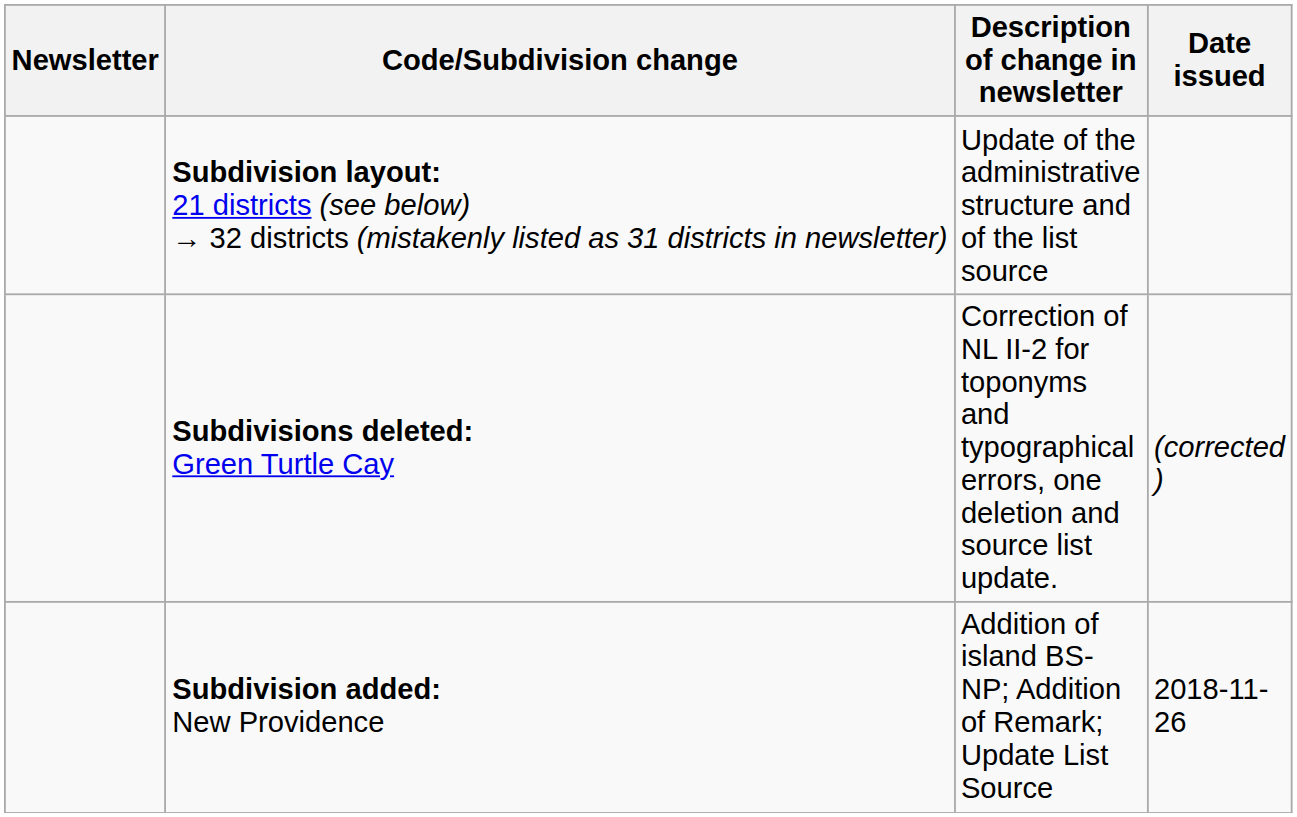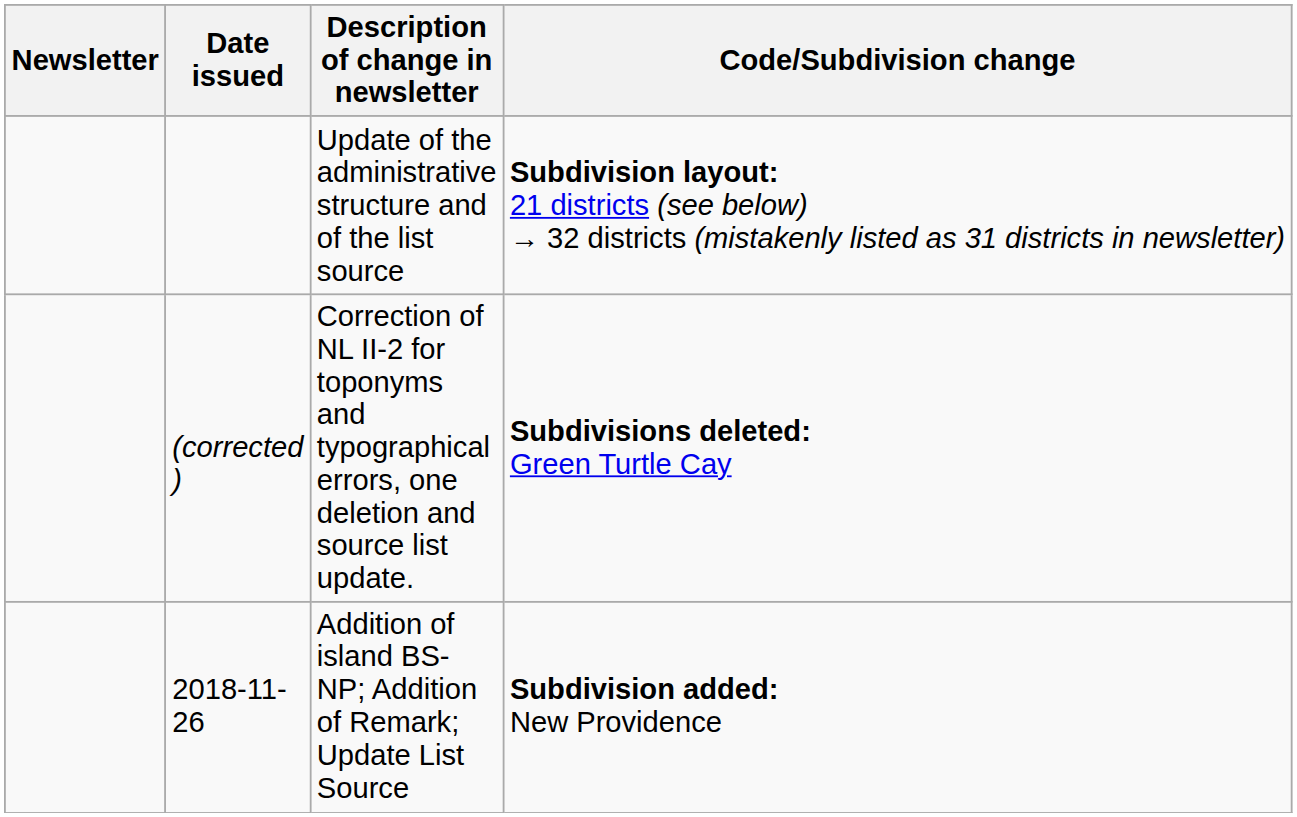 <table class="wikitable">
 <tr>
 <th>Newsletter</th>
+<th>Date issued</th>
+<th>Description of change in newsletter</th>
 <th>Code/Subdivision change</th>
-<th>Description of change in newsletter</th>
-<th>Date issued</th>
 </tr>
 <tr>
 <td id="II-2"></td>
+<td></td>
+<td>Update of the administrative structure and of the list source</td>
 <td style=white-space:nowrap><strong>Subdivision layout:</strong><br> <a href='#'>21 districts</a> <em>(see below)</em><br> → 32 districts <em>(mistakenly listed as 31 districts in newsletter)</em></td>
-<td>Update of the administrative structure and of the list source</td>
-<td></td>
 </tr>
 <tr>
 <td id="II-3"></td>
+<td><br> <em>(corrected<br> )</em></td>
+<td>Correction of NL II-2 for toponyms and typographical errors, one deletion and source list update.</td>
 <td style=white-space:nowrap><strong>Subdivisions deleted:</strong><br>  <a href='#'>Green Turtle Cay</a></td>
-<td>Correction of NL II-2 for toponyms and typographical errors, one deletion and source list update.</td>
-<td><br> <em>(corrected<br> )</em></td>
 </tr>
 <tr>
 <td></td>
+<td>2018-11-26</td>
+<td>Addition of island BS-NP; Addition of Remark; Update List Source</td>
 <td><strong>Subdivision added:</strong><br>  New Providence</td>
-<td>Addition of island BS-NP; Addition of Remark; Update List Source</td>
-<td>2018-11-26</td>
 </tr>
 </table>
